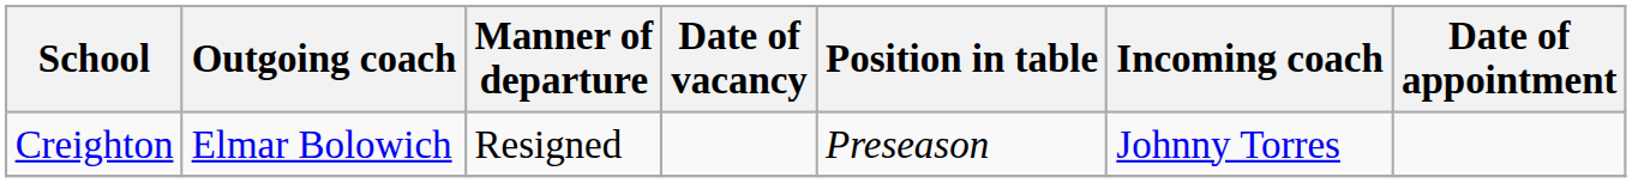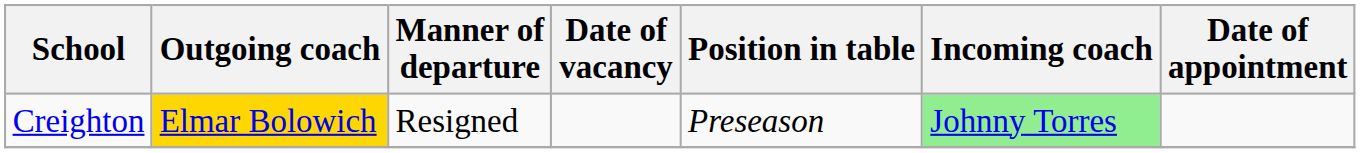 <table class="wikitable sortable">
 <tr>
 <th>School</th>
 <th>Outgoing coach</th>
 <th>Manner of <br> departure</th>
 <th>Date of <br> vacancy</th>
 <th>Position in table</th>
 <th>Incoming coach</th>
 <th>Date of <br> appointment</th>
 </tr>
 <tr>
 <td><a href='#'>Creighton</a></td>
-<td> <a href='#'>Elmar Bolowich</a></td>
+<td style="background: gold;"> <a href='#'>Elmar Bolowich</a></td>
 <td>Resigned</td>
 <td></td>
 <td><em>Preseason</em></td>
-<td> <a href='#'>Johnny Torres</a></td>
+<td style="background: lightgreen;"> <a href='#'>Johnny Torres</a></td>
 <td></td>
 </tr>
 <tr>
 </tr>
 </table>
